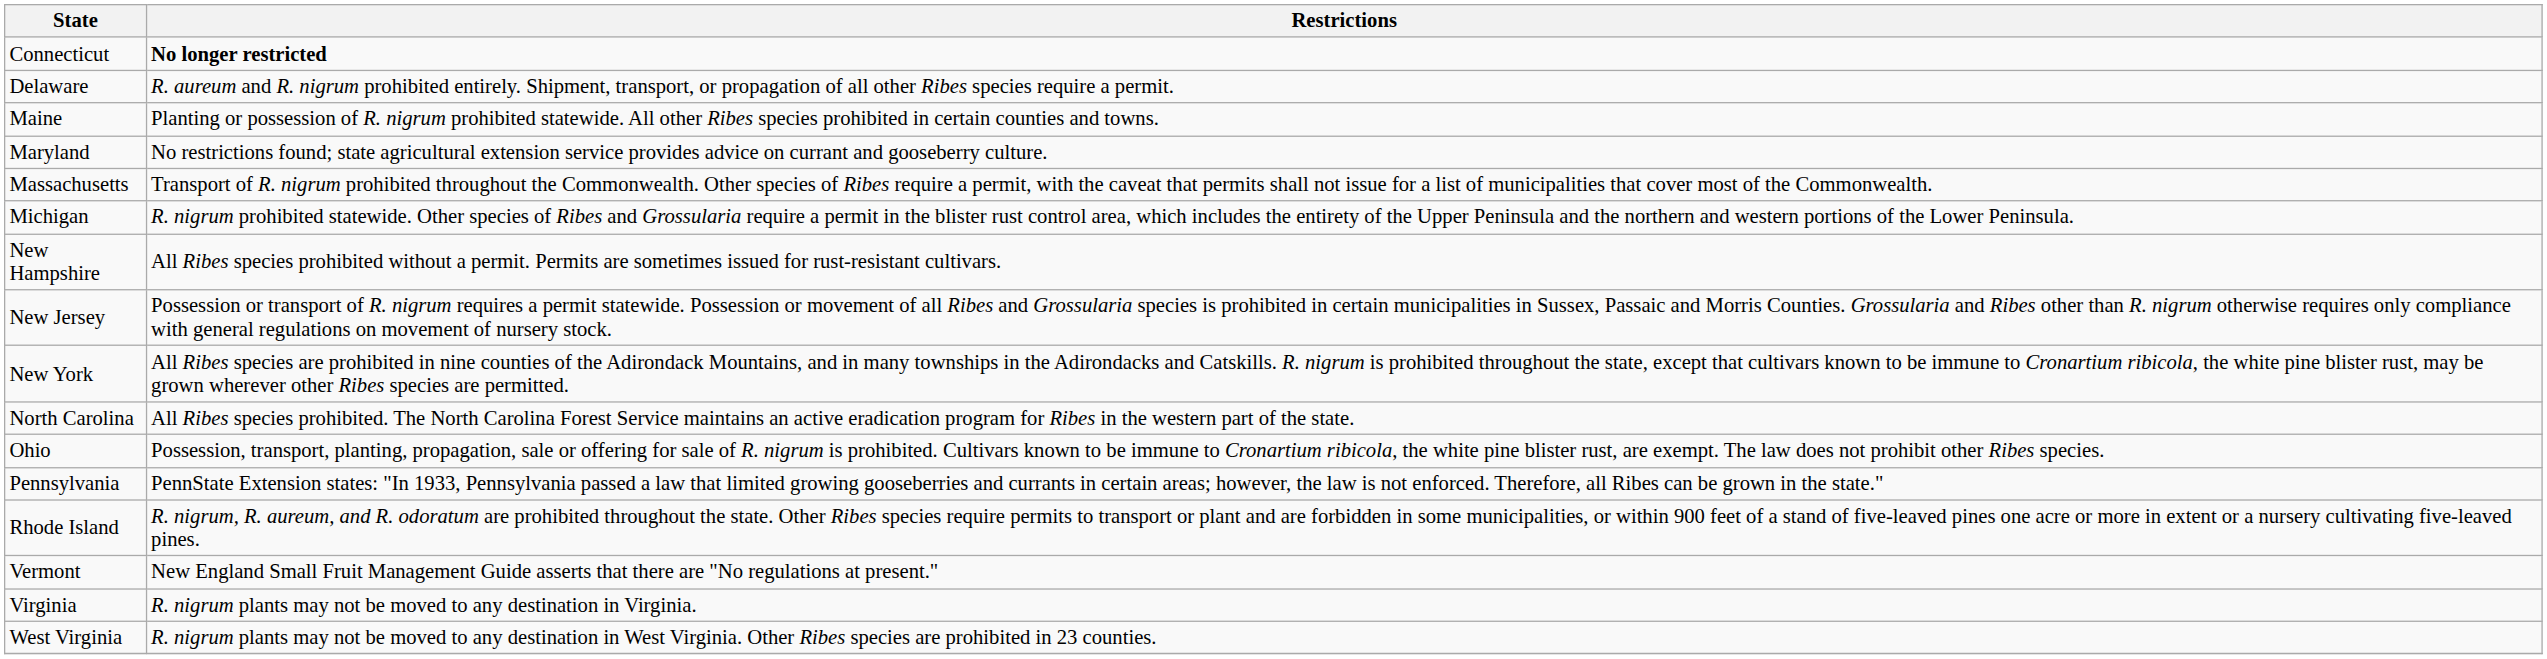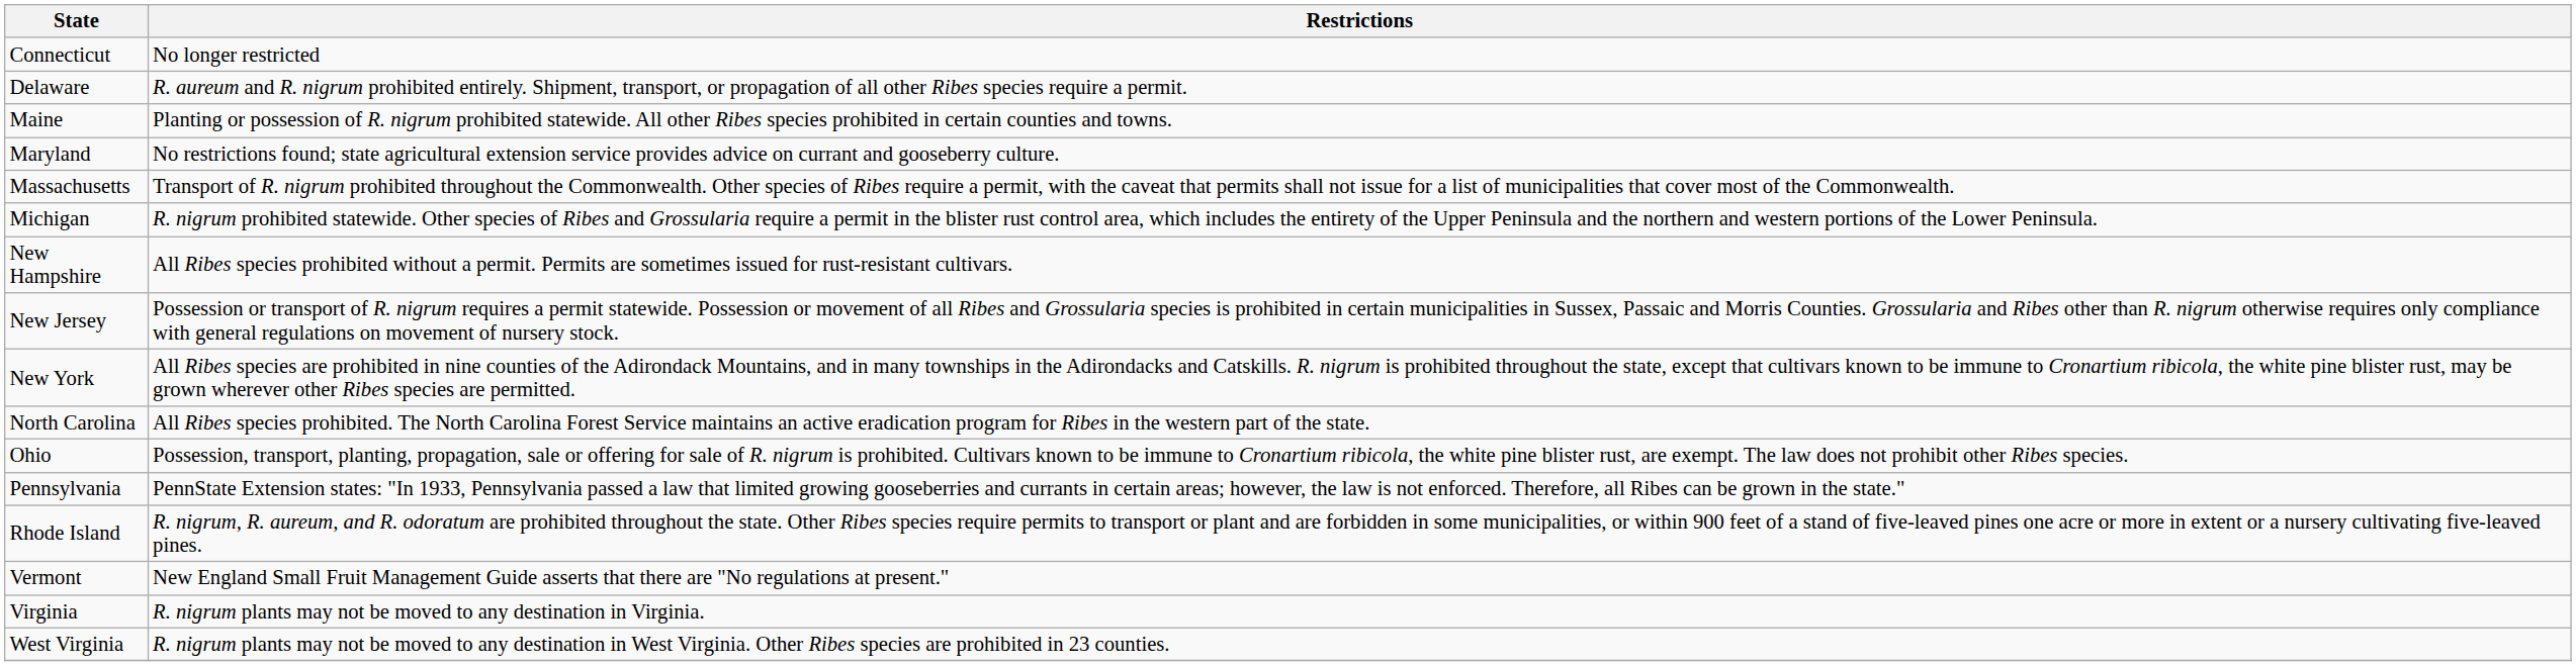 <table class="wikitable">
 <tr>
 <th>State</th>
 <th>Restrictions</th>
 </tr>
 <tr>
 <td>Connecticut</td>
-<td><strong>No longer restricted</strong></td>
+<td>No longer restricted</td>
 </tr>
 <tr>
 <td>Delaware</td>
 <td><em>R. aureum</em> and <em>R. nigrum</em> prohibited entirely. Shipment, transport, or propagation of all other <em>Ribes</em> species require a permit.</td>
 </tr>
 <tr>
 <td>Maine</td>
 <td>Planting or possession of <em>R. nigrum</em> prohibited statewide. All other <em>Ribes</em> species prohibited in certain counties and towns.</td>
 </tr>
 <tr>
 <td>Maryland</td>
 <td>No restrictions found; state agricultural extension service provides advice on currant and gooseberry culture.</td>
 </tr>
 <tr>
 <td>Massachusetts</td>
 <td>Transport of <em>R. nigrum</em> prohibited throughout the Commonwealth. Other species of <em>Ribes</em> require a permit, with the caveat that permits shall not issue for a list of municipalities that cover most of the Commonwealth.</td>
 </tr>
 <tr>
 <td>Michigan</td>
 <td><em>R. nigrum</em> prohibited statewide. Other species of <em>Ribes</em> and <em>Grossularia</em> require a permit in the blister rust control area, which includes the entirety of the Upper Peninsula and the northern and western portions of the Lower Peninsula.</td>
 </tr>
 <tr>
 <td>New Hampshire</td>
 <td>All <em>Ribes</em> species prohibited without a permit. Permits are sometimes issued for rust-resistant cultivars.</td>
 </tr>
 <tr>
 <td>New Jersey</td>
 <td>Possession or transport of <em>R. nigrum</em> requires a permit statewide. Possession or movement of all <em>Ribes</em> and <em>Grossularia</em> species is prohibited in certain municipalities in Sussex, Passaic and Morris Counties. <em>Grossularia</em> and <em>Ribes</em> other than <em>R. nigrum</em> otherwise requires only compliance with general regulations on movement of nursery stock.</td>
 </tr>
 <tr>
 <td>New York</td>
 <td>All <em>Ribes</em> species are prohibited in nine counties of the Adirondack Mountains, and in many townships in the Adirondacks and Catskills. <em>R. nigrum</em> is prohibited throughout the state, except that cultivars known to be immune to <em>Cronartium ribicola</em>, the white pine blister rust, may be grown wherever other <em>Ribes</em> species are permitted.</td>
 </tr>
 <tr>
 <td>North Carolina</td>
 <td>All <em>Ribes</em> species prohibited. The North Carolina Forest Service maintains an active eradication program for <em>Ribes</em> in the western part of the state.</td>
 </tr>
 <tr>
 <td>Ohio</td>
 <td>Possession, transport, planting, propagation, sale or offering for sale of <em>R. nigrum</em> is prohibited. Cultivars known to be immune to <em>Cronartium ribicola</em>, the white pine blister rust, are exempt. The law does not prohibit other <em>Ribes</em> species.</td>
 </tr>
 <tr>
 <td>Pennsylvania</td>
 <td>PennState Extension states: "In 1933, Pennsylvania passed a law that limited growing gooseberries and currants in certain areas; however, the law is not enforced. Therefore, all Ribes can be grown in the state."</td>
 </tr>
 <tr>
 <td>Rhode Island</td>
 <td><em>R. nigrum, R. aureum, and R. odoratum</em> are prohibited throughout the state. Other <em>Ribes</em> species require permits to transport or plant and are forbidden in some municipalities, or within 900 feet of a stand of five-leaved pines one acre or more in extent or a nursery cultivating five-leaved pines.</td>
 </tr>
 <tr>
 <td>Vermont</td>
 <td>New England Small Fruit Management Guide asserts that there are "No regulations at present."</td>
 </tr>
 <tr>
 <td>Virginia</td>
 <td><em>R. nigrum</em> plants may not be moved to any destination in Virginia.</td>
 </tr>
 <tr>
 <td>West Virginia</td>
 <td><em>R. nigrum</em> plants may not be moved to any destination in West Virginia. Other <em>Ribes</em> species are prohibited in 23 counties.</td>
 </tr>
 <tr>
 </tr>
 </table>
